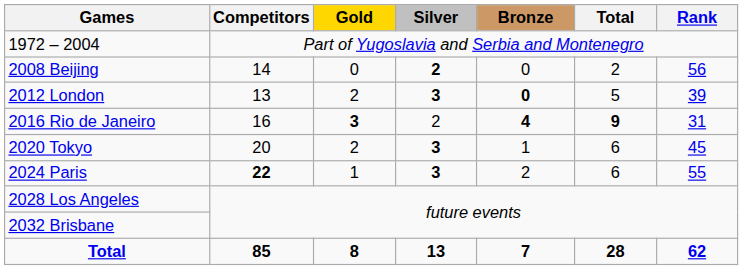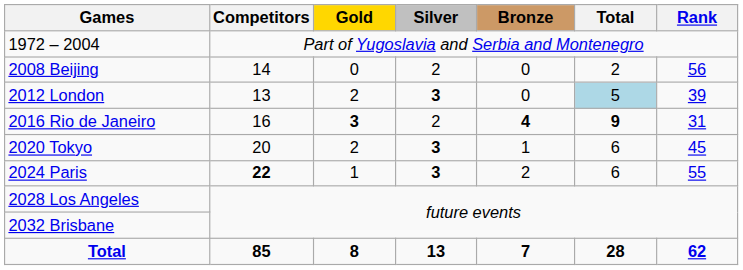 <table class="wikitable sortable" border="1" style="text-align:center; font-size:90%;">
 <tr>
 <th style="width:12em;">Games</th>
 <th>Competitors</th>
 <td style="background:gold; width:4.5em; font-weight:bold;">Gold</td>
 <td style="background:silver; width:4.5em; font-weight:bold;">Silver</td>
 <td style="background:#cc9966; width:5.5em; font-weight:bold;">Bronze</td>
 <th style="width:4.5em;">Total</th>
 <th style="width:4.5em;"><a href='#'>Rank</a></th>
 </tr>
 <tr align=center>
 <td align=left>1972 – 2004</td>
 <td colspan=6><em>Part of <a href='#'>Yugoslavia</a> and <a href='#'>Serbia and Montenegro</a></em></td>
 </tr>
 <tr align=center>
 <td align=left> <a href='#'>2008 Beijing</a></td>
 <td>14</td>
 <td>0</td>
-<td><strong>2</strong></td>
+<td>2</td>
 <td>0</td>
 <td>2</td>
 <td><a href='#'>56</a></td>
 </tr>
 <tr align=center>
 <td align=left> <a href='#'>2012 London</a></td>
 <td>13</td>
 <td>2</td>
 <td><strong>3</strong></td>
-<td><strong>0</strong></td>
-<td>5</td>
+<td>0</td>
+<td style="background: lightblue;">5</td>
 <td><a href='#'>39</a></td>
 </tr>
 <tr align=center>
 <td align=left> <a href='#'>2016 Rio de Janeiro</a></td>
 <td>16</td>
 <td><strong>3</strong></td>
 <td>2</td>
 <td><strong>4</strong></td>
 <td><strong>9</strong></td>
 <td><a href='#'>31</a></td>
 </tr>
 <tr align=center>
 <td align=left> <a href='#'>2020 Tokyo</a></td>
 <td>20</td>
 <td>2</td>
 <td><strong>3</strong></td>
 <td>1</td>
 <td>6</td>
 <td><a href='#'>45</a></td>
 </tr>
 <tr>
 <td align=left> <a href='#'>2024 Paris</a></td>
 <td><strong>22</strong></td>
 <td>1</td>
 <td><strong>3</strong></td>
 <td>2</td>
 <td>6</td>
 <td><a href='#'>55</a></td>
 </tr>
 <tr>
 <td align=left> <a href='#'>2028 Los Angeles</a></td>
 <td colspan=6; rowspan=2><em>future events</em></td>
 </tr>
 <tr>
 <td align=left> <a href='#'>2032 Brisbane</a></td>
 </tr>
 <tr class="sortbottom" align=center>
 <td><strong><a href='#'>Total</a></strong></td>
 <td><strong>85</strong></td>
 <td><strong>8</strong></td>
 <td><strong>13</strong></td>
 <td><strong>7</strong></td>
 <td><strong>28</strong></td>
 <td><strong><a href='#'>62</a></strong></td>
 </tr>
 </table>
